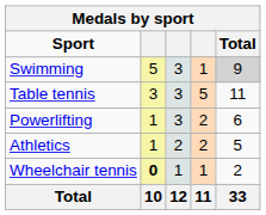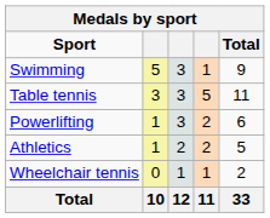 <table class="wikitable" border="1"  style="float:right">
 <tr>
 <th colspan=5><strong>Medals by sport</strong></th>
 </tr>
 <tr align=center>
 <td><strong>Sport</strong></td>
 <th bgcolor=#f7f6a8></th>
 <th bgcolor=#dce5e5></th>
 <th bgcolor=#ffdab9></th>
 <th><strong>Total</strong></th>
 </tr>
 <tr align=center>
 <td align=left><a href='#'>Swimming</a></td>
 <td bgcolor=#f7f6a8>5</td>
 <td bgcolor=#dce5e5>3</td>
 <td bgcolor=#ffdab9>1</td>
-<td style="background: lightgrey;">9</td>
+<td>9</td>
 </tr>
 <tr align=center>
 <td align=left><a href='#'>Table tennis</a></td>
 <td bgcolor=#f7f6a8>3</td>
 <td bgcolor=#dce5e3>3</td>
 <td bgcolor=#ffdab9>5</td>
 <td>11</td>
 </tr>
 <tr align=center>
 <td align=left><a href='#'>Powerlifting</a></td>
 <td bgcolor=#f7f6a8>1</td>
 <td bgcolor=#dce5e3>3</td>
 <td bgcolor=#ffdab9>2</td>
 <td>6</td>
 </tr>
 <tr align=center>
 <td align=left><a href='#'>Athletics</a></td>
 <td bgcolor=#f7f6a8>1</td>
 <td bgcolor=#dce5e3>2</td>
 <td bgcolor=#ffdab9>2</td>
 <td>5</td>
 </tr>
 <tr align=center>
 <td align=left><a href='#'>Wheelchair tennis</a></td>
-<td bgcolor=#f7f6a8><strong>0</strong></td>
+<td bgcolor=#f7f6a8>0</td>
 <td bgcolor=#dce5e3>1</td>
 <td bgcolor=#ffdab9>1</td>
 <td>2</td>
 </tr>
 <tr align=center>
 <th bgcolor=#efefef><strong>Total</strong></th>
 <th bgcolor=#f7f6a8>10</th>
 <th bgcolor=#dce5e5>12</th>
 <th bgcolor=#ffdab9>11</th>
 <th>33</th>
 </tr>
 </table>
